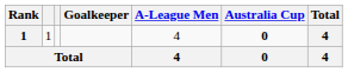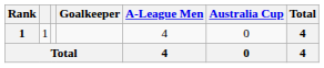 <table class="wikitable" style="text-align:center">
 <tr>
 <th>Rank</th>
 <th></th>
 <th></th>
 <th>Goalkeeper</th>
 <th><a href='#'>A-League Men</a></th>
 <th><a href='#'>Australia Cup</a></th>
 <th>Total</th>
 </tr>
 <tr>
 <th>1</th>
 <td>1</td>
 <td></td>
 <td align="left"></td>
 <td>4</td>
-<td><strong>0</strong></td>
+<td>0</td>
 <th>4</th>
 </tr>
 <tr>
 <th colspan="4">Total</th>
 <th>4</th>
 <th>0</th>
 <th>4</th>
 </tr>
 </table>
